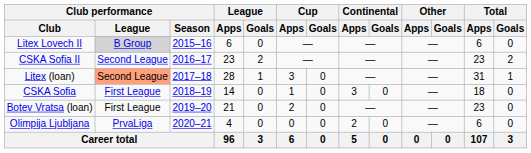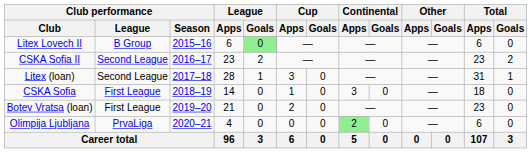 <table class="wikitable" style="text-align: center">
 <tr>
 <th Colspan="3">Club performance</th>
 <th Colspan="2">League</th>
 <th Colspan="2">Cup</th>
 <th Colspan="2">Continental</th>
 <th Colspan="2">Other</th>
 <th Colspan="3">Total</th>
 </tr>
 <tr>
 <th>Club</th>
 <th>League</th>
 <th>Season</th>
 <th>Apps</th>
 <th>Goals</th>
 <th>Apps</th>
 <th>Goals</th>
 <th>Apps</th>
 <th>Goals</th>
 <th>Apps</th>
 <th>Goals</th>
 <th>Apps</th>
 <th>Goals</th>
 </tr>
 <tr>
 <td valign="center"><a href='#'>Litex Lovech II</a></td>
-<td style="background: lightgrey;"><a href='#'>B Group</a></td>
+<td><a href='#'>B Group</a></td>
 <td><a href='#'>2015–16</a></td>
 <td>6</td>
-<td>0</td>
+<td style="background: lightgreen;">0</td>
 <td colspan="2">—</td>
 <td colspan="2">—</td>
 <td colspan="2">—</td>
 <td>6</td>
 <td>0</td>
 </tr>
 <tr>
 <td valign="center"><a href='#'>CSKA Sofia II</a></td>
 <td><a href='#'>Second League</a></td>
 <td><a href='#'>2016–17</a></td>
 <td>23</td>
 <td>2</td>
 <td colspan="2">—</td>
 <td colspan="2">—</td>
 <td colspan="2">—</td>
 <td>23</td>
 <td>2</td>
 </tr>
 <tr>
 <td rowspan="1" valign="center"><a href='#'>Litex</a> (loan)</td>
-<td style="background: lightsalmon;">Second League</td>
+<td>Second League</td>
 <td><a href='#'>2017–18</a></td>
 <td>28</td>
 <td>1</td>
 <td>3</td>
 <td>0</td>
 <td colspan="2">—</td>
 <td colspan="2">—</td>
 <td>31</td>
 <td>1</td>
 </tr>
 <tr>
 <td valign="center"><a href='#'>CSKA Sofia</a></td>
 <td><a href='#'>First League</a></td>
 <td><a href='#'>2018–19</a></td>
 <td>14</td>
 <td>0</td>
 <td>1</td>
 <td>0</td>
 <td>3</td>
 <td>0</td>
 <td colspan="2">—</td>
 <td>18</td>
 <td>0</td>
 </tr>
 <tr>
 <td valign="center"><a href='#'>Botev Vratsa</a> (loan)</td>
 <td>First League</td>
 <td><a href='#'>2019–20</a></td>
 <td>21</td>
 <td>0</td>
 <td>2</td>
 <td>0</td>
 <td colspan="2">—</td>
 <td colspan="2">—</td>
 <td>23</td>
 <td>0</td>
 </tr>
 <tr>
 <td valign="center"><a href='#'>Olimpija Ljubljana</a></td>
 <td><a href='#'>PrvaLiga</a></td>
 <td><a href='#'>2020–21</a></td>
 <td>4</td>
 <td>0</td>
 <td>0</td>
 <td>0</td>
-<td>2</td>
+<td style="background: lightgreen;">2</td>
 <td>0</td>
 <td colspan="2">—</td>
 <td>6</td>
 <td>0</td>
 </tr>
 <tr>
 <th colspan="3">Career total</th>
 <th>96</th>
 <th>3</th>
 <th>6</th>
 <th>0</th>
 <th>5</th>
 <th>0</th>
 <th>0</th>
 <th>0</th>
 <th>107</th>
 <th>3</th>
 </tr>
 </table>
